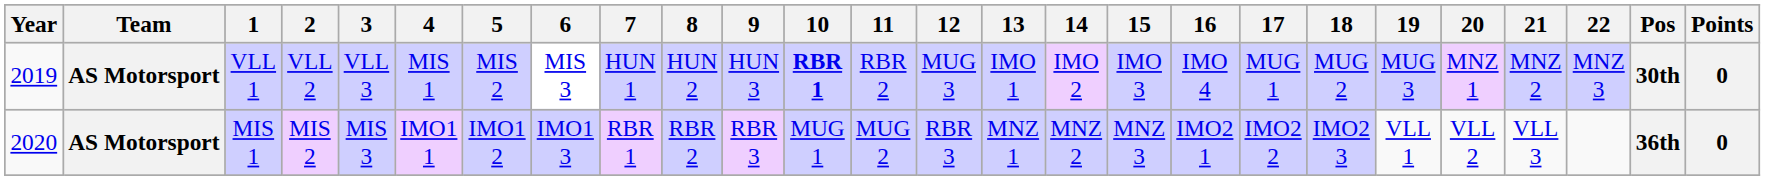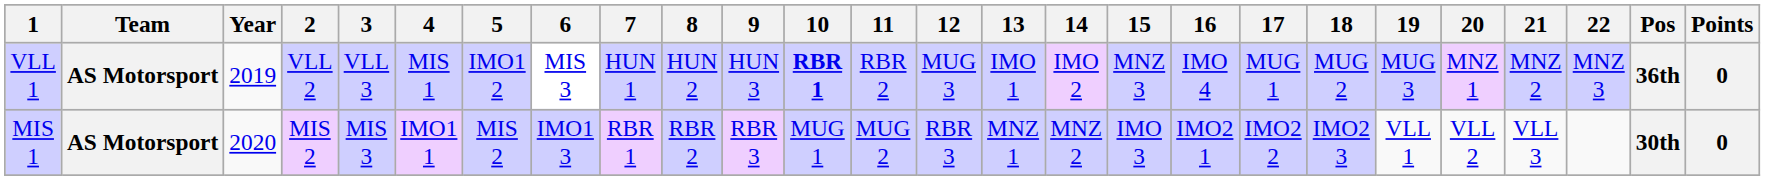 <table class="wikitable" style="text-align:center; font-size:85%">
 <tr>
+<th>1</th>
+<th>Team</th>
 <th>Year</th>
-<th>Team</th>
-<th>1</th>
 <th>2</th>
 <th>3</th>
 <th>4</th>
 <th>5</th>
 <th>6</th>
 <th>7</th>
 <th>8</th>
 <th>9</th>
 <th>10</th>
 <th>11</th>
 <th>12</th>
 <th>13</th>
 <th>14</th>
 <th>15</th>
 <th>16</th>
 <th>17</th>
 <th>18</th>
 <th>19</th>
 <th>20</th>
 <th>21</th>
 <th>22</th>
 <th>Pos</th>
 <th>Points</th>
 </tr>
 <tr>
+<td style="background:#CFCFFF;"><a href='#'>VLL<br>1</a><br></td>
+<th nowrap>AS Motorsport</th>
 <td><a href='#'>2019</a></td>
-<th nowrap>AS Motorsport</th>
-<td style="background:#CFCFFF;"><a href='#'>VLL<br>1</a><br></td>
 <td style="background:#CFCFFF;"><a href='#'>VLL<br>2</a><br></td>
 <td style="background:#CFCFFF;"><a href='#'>VLL<br>3</a><br></td>
 <td style="background:#CFCFFF;"><a href='#'>MIS<br>1</a><br></td>
-<td style="background:#CFCFFF;"><a href='#'>MIS<br>2</a><br></td>
+<td style="background:#CFCFFF;"><a href='#'>IMO1<br>2</a><br></td>
 <td style="background:#FFFFFF;"><a href='#'>MIS<br>3</a><br></td>
 <td style="background:#CFCFFF;"><a href='#'>HUN<br>1</a><br></td>
 <td style="background:#CFCFFF;"><a href='#'>HUN<br>2</a><br></td>
 <td style="background:#CFCFFF;"><a href='#'>HUN<br>3</a><br></td>
 <td style="background:#CFCFFF;"><strong><a href='#'>RBR<br>1</a><br></strong></td>
 <td style="background:#CFCFFF;"><a href='#'>RBR<br>2</a><br></td>
 <td style="background:#CFCFFF;"><a href='#'>MUG<br>3</a><br></td>
 <td style="background:#CFCFFF;"><a href='#'>IMO<br>1</a><br></td>
 <td style="background:#EFCFFF;"><a href='#'>IMO<br>2</a><br></td>
-<td style="background:#CFCFFF;"><a href='#'>IMO<br>3</a><br></td>
+<td style="background:#CFCFFF;"><a href='#'>MNZ<br>3</a><br></td>
 <td style="background:#CFCFFF;"><a href='#'>IMO<br>4</a><br></td>
 <td style="background:#CFCFFF;"><a href='#'>MUG<br>1</a><br></td>
 <td style="background:#CFCFFF;"><a href='#'>MUG<br>2</a><br></td>
 <td style="background:#CFCFFF;"><a href='#'>MUG<br>3</a><br></td>
 <td style="background:#EFCFFF;"><a href='#'>MNZ<br>1</a><br></td>
 <td style="background:#CFCFFF;"><a href='#'>MNZ<br>2</a><br></td>
 <td style="background:#CFCFFF;"><a href='#'>MNZ<br>3</a><br></td>
-<th>30th</th>
+<th>36th</th>
 <th>0</th>
 </tr>
 <tr>
+<td style="background:#CFCFFF;"><a href='#'>MIS<br>1</a><br></td>
+<th nowrap>AS Motorsport</th>
 <td><a href='#'>2020</a></td>
-<th nowrap>AS Motorsport</th>
-<td style="background:#CFCFFF;"><a href='#'>MIS<br>1</a><br></td>
 <td style="background:#EFCFFF;"><a href='#'>MIS<br>2</a><br></td>
 <td style="background:#CFCFFF;"><a href='#'>MIS<br>3</a><br></td>
 <td style="background:#EFCFFF;"><a href='#'>IMO1<br>1</a><br></td>
-<td style="background:#CFCFFF;"><a href='#'>IMO1<br>2</a><br></td>
+<td style="background:#CFCFFF;"><a href='#'>MIS<br>2</a><br></td>
 <td style="background:#CFCFFF;"><a href='#'>IMO1<br>3</a><br></td>
 <td style="background:#EFCFFF;"><a href='#'>RBR<br>1</a><br></td>
 <td style="background:#CFCFFF;"><a href='#'>RBR<br>2</a><br></td>
 <td style="background:#EFCFFF;"><a href='#'>RBR<br>3</a><br></td>
 <td style="background:#CFCFFF;"><a href='#'>MUG<br>1</a><br></td>
 <td style="background:#CFCFFF;"><a href='#'>MUG<br>2</a><br></td>
 <td style="background:#CFCFFF;"><a href='#'>RBR<br>3</a><br></td>
 <td style="background:#CFCFFF;"><a href='#'>MNZ<br>1</a><br></td>
 <td style="background:#CFCFFF;"><a href='#'>MNZ<br>2</a><br></td>
-<td style="background:#CFCFFF;"><a href='#'>MNZ<br>3</a><br></td>
+<td style="background:#CFCFFF;"><a href='#'>IMO<br>3</a><br></td>
 <td style="background:#CFCFFF;"><a href='#'>IMO2<br>1</a><br></td>
 <td style="background:#CFCFFF;"><a href='#'>IMO2<br>2</a><br></td>
 <td style="background:#CFCFFF;"><a href='#'>IMO2<br>3</a><br></td>
 <td style="background:#;"><a href='#'>VLL<br>1</a></td>
 <td style="background:#;"><a href='#'>VLL<br>2</a></td>
 <td style="background:#;"><a href='#'>VLL<br>3</a></td>
 <td></td>
-<th>36th</th>
+<th>30th</th>
 <th>0</th>
 </tr>
 </table>
